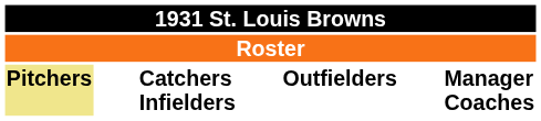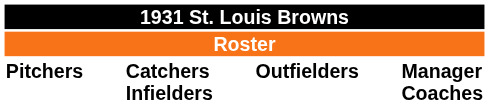 <table class="toccolours" style="font-size: 95%;">
 <tr>
 <th colspan="10" style="background-color: black; color: white; text-align: center;">1931 St. Louis Browns</th>
 </tr>
 <tr>
 <td colspan="10" style="background-color: #F87217; color: white; text-align: center;"><strong>Roster</strong></td>
 </tr>
 <tr>
-<td valign="top" style="background: khaki;"><strong>Pitchers</strong><br>           </td>
+<td valign="top"><strong>Pitchers</strong><br>           </td>
 <td width="25px"></td>
 <td valign="top"><strong>Catchers</strong><br>    <strong>Infielders</strong>       </td>
 <td width="25px"></td>
 <td valign="top"><strong>Outfielders</strong><br>       </td>
 <td width="25px"></td>
 <td valign="top"><strong>Manager</strong><br> <strong>Coaches</strong>  </td>
 </tr>
 <tr>
 </tr>
 </table>
